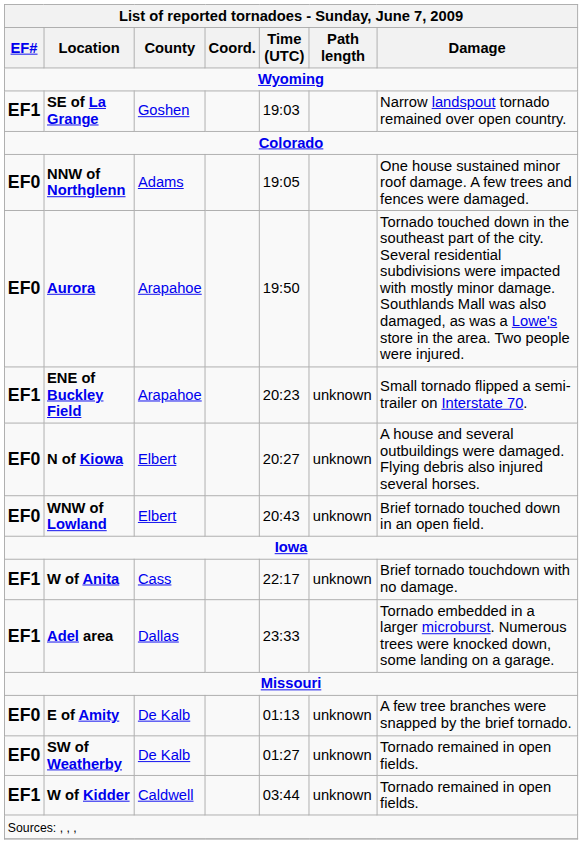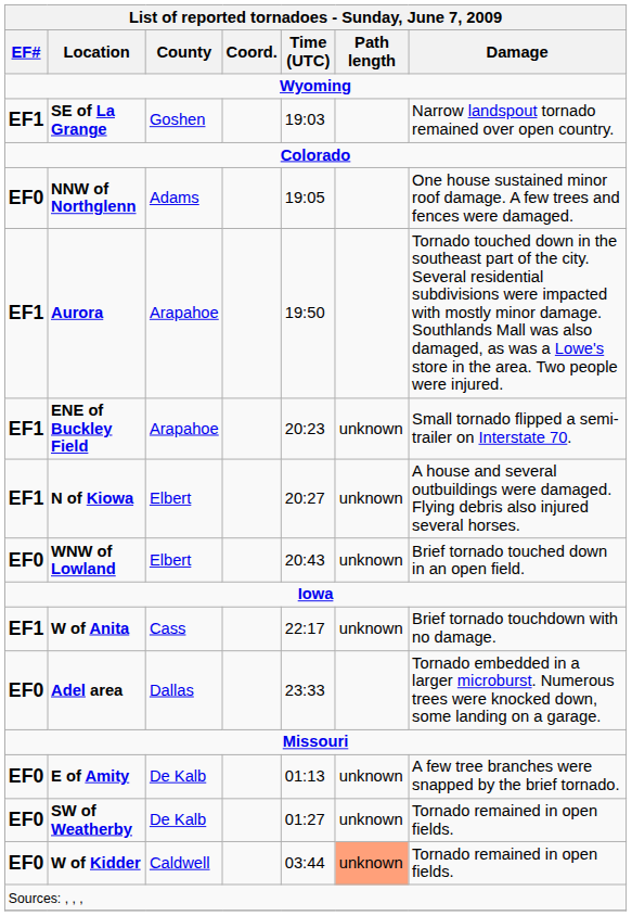 <table class="wikitable collapsible" width="100%">
 <tr>
 <th colspan="7">List of reported tornadoes - Sunday, June 7, 2009</th>
 </tr>
 <tr>
 <th><a href='#'>EF#</a></th>
 <th>Location</th>
 <th>County</th>
 <th>Coord.</th>
 <th>Time (UTC)</th>
 <th>Path length</th>
 <th>Damage</th>
 </tr>
 <tr>
 <td colspan="7" align=center><strong><a href='#'>Wyoming</a></strong></td>
 </tr>
 <tr>
 <td><big><strong>EF1</strong></big></td>
 <td><strong>SE of <a href='#'>La Grange</a></strong></td>
 <td><a href='#'>Goshen</a></td>
 <td></td>
 <td>19:03</td>
 <td></td>
 <td>Narrow <a href='#'>landspout</a> tornado remained over open country.</td>
 </tr>
 <tr>
 <td colspan="7" align=center><strong><a href='#'>Colorado</a></strong></td>
 </tr>
 <tr>
 <td><big><strong>EF0</strong></big></td>
 <td><strong>NNW of <a href='#'>Northglenn</a></strong></td>
 <td><a href='#'>Adams</a></td>
 <td></td>
 <td>19:05</td>
 <td></td>
 <td>One house sustained minor roof damage. A few trees and fences were damaged.</td>
 </tr>
 <tr>
-<td><big><strong>EF0</strong></big></td>
+<td><big><strong>EF1</strong></big></td>
 <td><strong><a href='#'>Aurora</a></strong></td>
 <td><a href='#'>Arapahoe</a></td>
 <td></td>
 <td>19:50</td>
 <td></td>
 <td>Tornado touched down in the southeast part of the city. Several residential subdivisions were impacted with mostly minor damage. Southlands Mall was also damaged, as was a <a href='#'>Lowe's</a> store in the area. Two people were injured.</td>
 </tr>
 <tr>
 <td><big><strong>EF1</strong></big></td>
 <td><strong>ENE of <a href='#'>Buckley Field</a></strong></td>
 <td><a href='#'>Arapahoe</a></td>
 <td></td>
 <td>20:23</td>
 <td>unknown</td>
 <td>Small tornado flipped a semi-trailer on <a href='#'>Interstate 70</a>.</td>
 </tr>
 <tr>
-<td><big><strong>EF0</strong></big></td>
+<td><big><strong>EF1</strong></big></td>
 <td><strong>N of <a href='#'>Kiowa</a></strong></td>
 <td><a href='#'>Elbert</a></td>
 <td></td>
 <td>20:27</td>
 <td>unknown</td>
 <td>A house and several outbuildings were damaged. Flying debris also injured several horses.</td>
 </tr>
 <tr>
 <td><big><strong>EF0</strong></big></td>
 <td><strong>WNW of <a href='#'>Lowland</a></strong></td>
 <td><a href='#'>Elbert</a></td>
 <td></td>
 <td>20:43</td>
 <td>unknown</td>
 <td>Brief tornado touched down in an open field.</td>
 </tr>
 <tr>
 <td colspan="7" align=center><strong><a href='#'>Iowa</a></strong></td>
 </tr>
 <tr>
 <td><big><strong>EF1</strong></big></td>
 <td><strong>W of <a href='#'>Anita</a></strong></td>
 <td><a href='#'>Cass</a></td>
 <td></td>
 <td>22:17</td>
 <td>unknown</td>
 <td>Brief tornado touchdown with no damage.</td>
 </tr>
 <tr>
-<td><big><strong>EF1</strong></big></td>
+<td><big><strong>EF0</strong></big></td>
 <td><strong><a href='#'>Adel</a> area</strong></td>
 <td><a href='#'>Dallas</a></td>
 <td></td>
 <td>23:33</td>
 <td></td>
 <td>Tornado embedded in a larger <a href='#'>microburst</a>. Numerous trees were knocked down, some landing on a garage.</td>
 </tr>
 <tr>
 <td colspan="7" align=center><strong><a href='#'>Missouri</a></strong></td>
 </tr>
 <tr>
 <td><big><strong>EF0</strong></big></td>
 <td><strong>E of <a href='#'>Amity</a></strong></td>
 <td><a href='#'>De Kalb</a></td>
 <td></td>
 <td>01:13</td>
 <td>unknown</td>
 <td>A few tree branches were snapped by the brief tornado.</td>
 </tr>
 <tr>
 <td><big><strong>EF0</strong></big></td>
 <td><strong>SW of <a href='#'>Weatherby</a></strong></td>
 <td><a href='#'>De Kalb</a></td>
 <td></td>
 <td>01:27</td>
 <td>unknown</td>
 <td>Tornado remained in open fields.</td>
 </tr>
 <tr>
-<td><big><strong>EF1</strong></big></td>
+<td><big><strong>EF0</strong></big></td>
 <td><strong>W of <a href='#'>Kidder</a></strong></td>
 <td><a href='#'>Caldwell</a></td>
 <td></td>
 <td>03:44</td>
-<td>unknown</td>
+<td style="background: lightsalmon;">unknown</td>
 <td>Tornado remained in open fields.</td>
 </tr>
 <tr>
 <td colspan="7"><small>Sources: , , , </small></td>
 </tr>
 <tr>
 </tr>
 </table>
